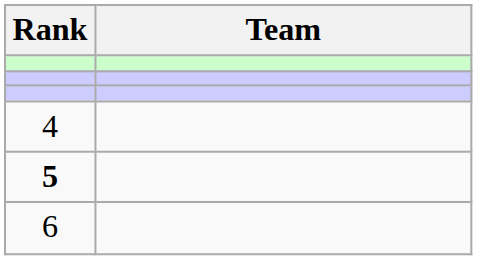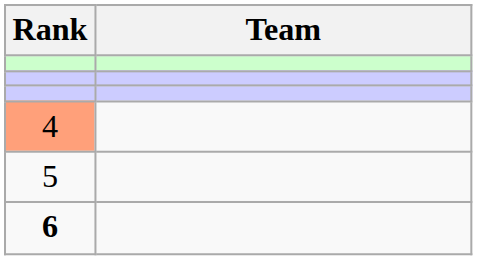 <table class=wikitable style="text-align:center;">
 <tr>
 <th>Rank</th>
 <th width=180>Team</th>
 </tr>
 <tr bgcolor=ccffcc>
 <td></td>
 <td align=left></td>
 </tr>
 <tr bgcolor=#ccccff>
 <td></td>
 <td align=left></td>
 </tr>
 <tr bgcolor=#ccccff>
 <td></td>
 <td align=left></td>
 </tr>
 <tr>
-<td>4</td>
+<td style="background: lightsalmon;">4</td>
 <td align=left></td>
 </tr>
 <tr>
-<td><strong>5</strong></td>
+<td>5</td>
 <td align=left></td>
 </tr>
 <tr>
-<td>6</td>
+<td><strong>6</strong></td>
 <td align=left></td>
 </tr>
 </table>
